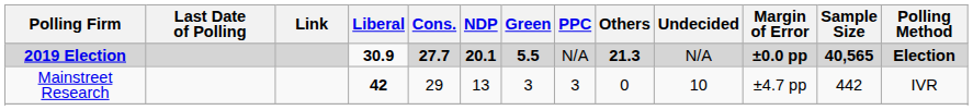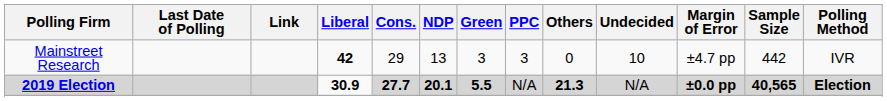 <table class="wikitable sortable" style="text-align:center;font-size:90%;line-height:14px;">
 <tr style="background:#e9e9e9;">
 <th style="width:120px">Polling Firm</th>
 <th style="width:110px">Last Date<br>of Polling</th>
 <th style="width:60px" class="unsortable">Link</th>
 <th style="background-color:"><a href='#'>Liberal</a></th>
 <th style="background-color:"><a href='#'>Cons.</a></th>
 <th style="background-color:"><a href='#'>NDP</a></th>
 <th style="background-color:"><a href='#'>Green</a></th>
 <th style="background-color:"><a href='#'><span>PPC</span></a></th>
 <th style="background-color:">Others</th>
 <th style="background-color:">Undecided</th>
 <th style="width:60px;" class=unsortable>Margin<br>of Error</th>
 <th style="width:50px;" class=unsortable>Sample<br>Size</th>
 <th class=unsortable>Polling Method</th>
 </tr>
 <tr>
+<td><a href='#'>Mainstreet Research</a></td>
+<td></td>
+<td></td>
+<td><strong>42</strong></td>
+<td>29</td>
+<td>13</td>
+<td>3</td>
+<td>3</td>
+<td>0</td>
+<td>10</td>
+<td>±4.7 pp</td>
+<td>442</td>
+<td>IVR</td>
+</tr>
+<tr>
 <td style="background:#D5D5D5"><strong><a href='#'>2019 Election</a></strong></td>
 <td style="background:#D5D5D5"><strong></strong></td>
 <td style="background:#D5D5D5"></td>
 <td><strong>30.9</strong></td>
 <td style="background:#D5D5D5"><strong>27.7</strong></td>
 <td style="background:#D5D5D5"><strong>20.1</strong></td>
 <td style="background:#D5D5D5"><strong>5.5</strong></td>
 <td style="background:#D5D5D5">N/A</td>
 <td style="background:#D5D5D5"><strong>21.3</strong></td>
 <td style="background:#D5D5D5">N/A</td>
 <td style="background:#D5D5D5"><strong>±0.0 pp</strong></td>
 <td style="background:#D5D5D5"><strong>40,565</strong></td>
 <td style="background:#D5D5D5"><strong>Election</strong></td>
 </tr>
 <tr>
-<td><a href='#'>Mainstreet Research</a></td>
-<td></td>
-<td></td>
-<td><strong>42</strong></td>
-<td>29</td>
-<td>13</td>
-<td>3</td>
-<td>3</td>
-<td>0</td>
-<td>10</td>
-<td>±4.7 pp</td>
-<td>442</td>
-<td>IVR</td>
-</tr>
-<tr>
 </tr>
 <tr>
 </tr>
 </table>
